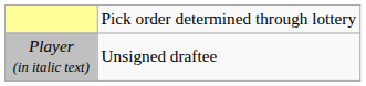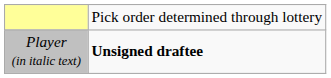 <table class="wikitable" style="font-size:90%;">
 <tr>
 <td style="background:#ff9; width:5em; text-align:center"></td>
 <td style="text-align:left">Pick order determined through lottery</td>
 </tr>
 <tr>
 <td style="background:silver; width:5em; text-align:center"><em>Player<br><small>(in italic text)</small></em></td>
-<td style="text-align:left">Unsigned draftee</td>
+<td style="text-align:left"><strong>Unsigned draftee</strong></td>
 </tr>
 </table>
